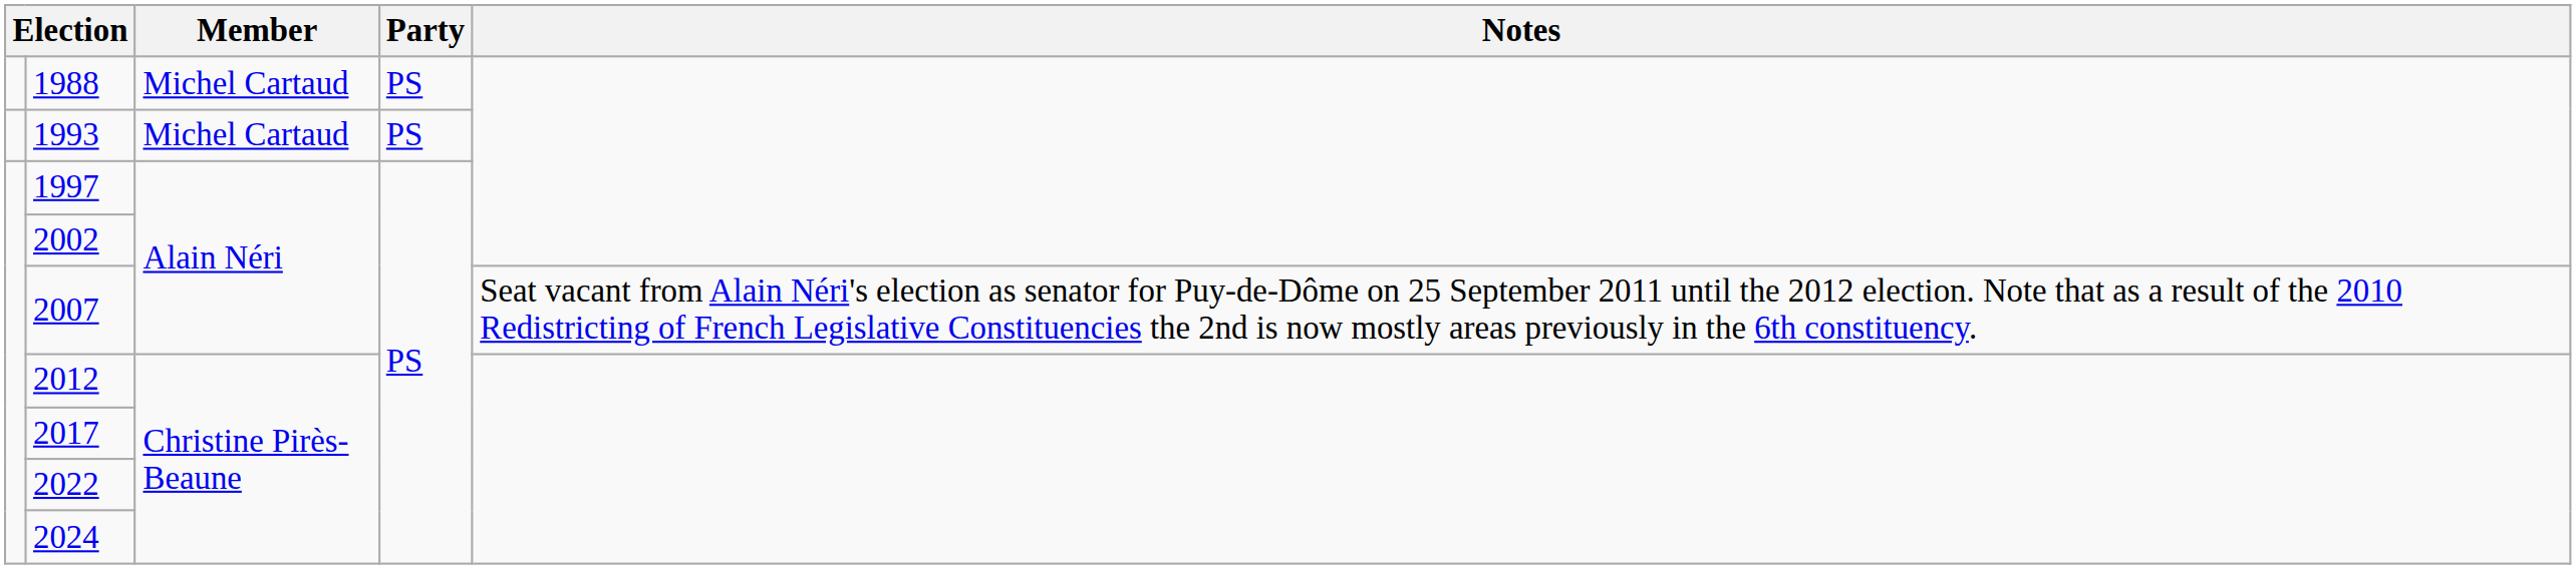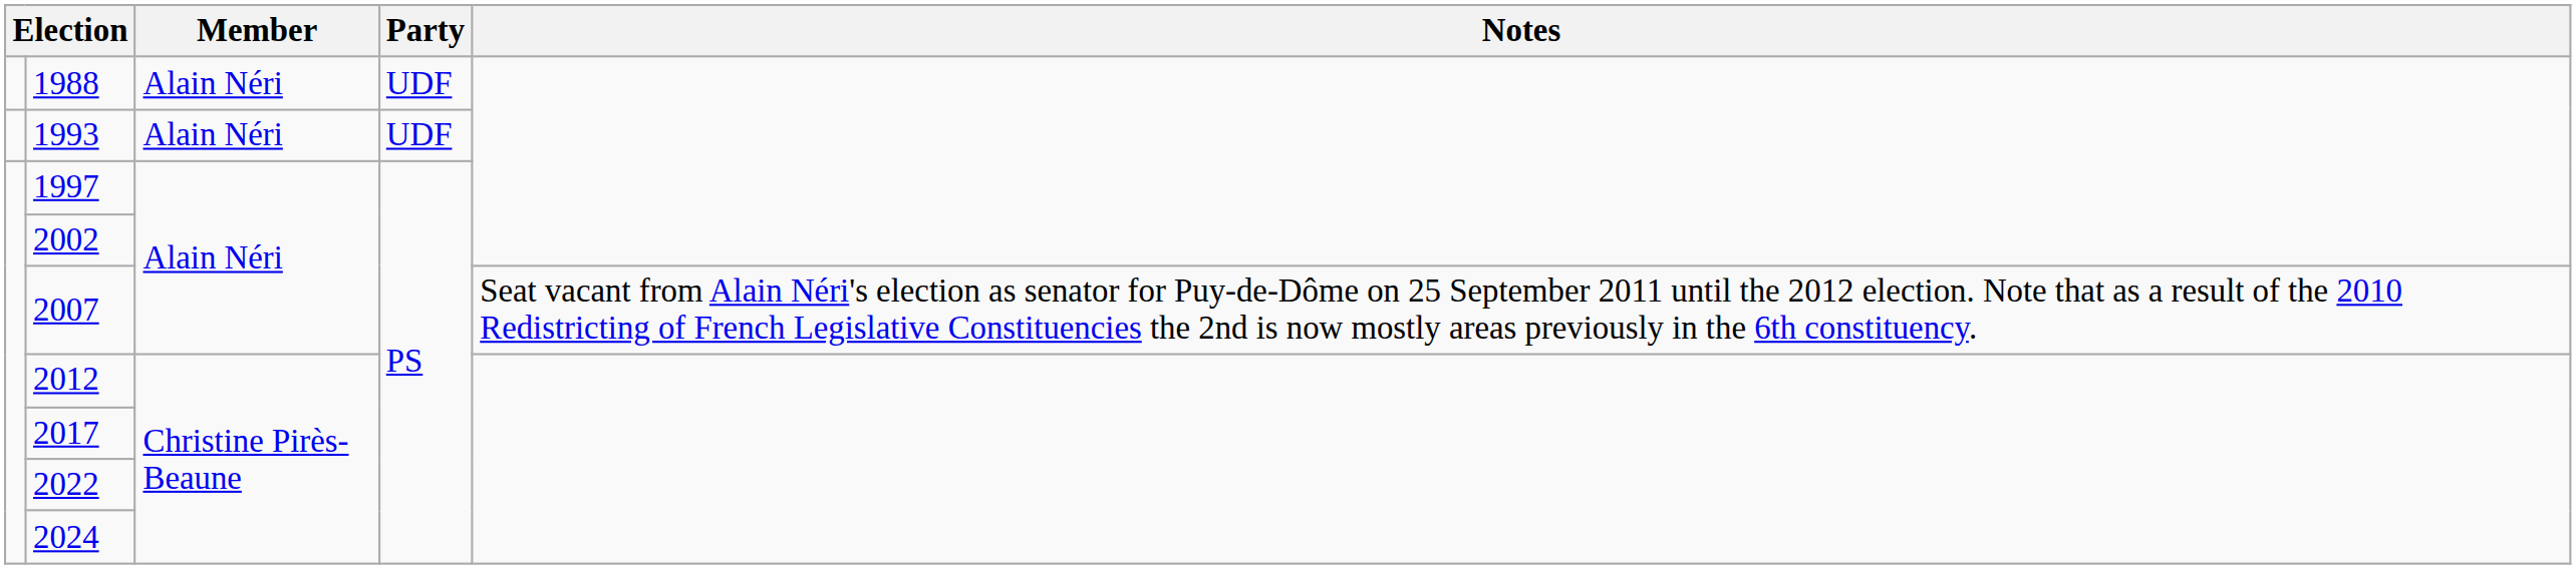 <table class="wikitable">
 <tr>
 <th colspan=2>Election</th>
 <th>Member</th>
 <th>Party</th>
 <th>Notes</th>
 </tr>
 <tr>
 <td style="background-color: "></td>
 <td><a href='#'>1988</a></td>
-<td><a href='#'>Michel Cartaud</a></td>
-<td><a href='#'>PS</a></td>
+<td><a href='#'>Alain Néri</a></td>
+<td><a href='#'>UDF</a></td>
 </tr>
 <tr>
 <td style="background-color: "></td>
 <td><a href='#'>1993</a></td>
-<td><a href='#'>Michel Cartaud</a></td>
-<td><a href='#'>PS</a></td>
+<td><a href='#'>Alain Néri</a></td>
+<td><a href='#'>UDF</a></td>
 </tr>
 <tr>
 <td rowspan="7" style="background-color: "></td>
 <td><a href='#'>1997</a></td>
 <td rowspan="3"><a href='#'>Alain Néri</a></td>
 <td rowspan="7"><a href='#'>PS</a></td>
 </tr>
 <tr>
 <td><a href='#'>2002</a></td>
 </tr>
 <tr>
 <td><a href='#'>2007</a></td>
 <td>Seat vacant from <a href='#'>Alain Néri</a>'s election as senator for Puy-de-Dôme on 25 September 2011 until the 2012 election.  Note that as a result of the <a href='#'>2010 Redistricting of French Legislative Constituencies</a> the 2nd is now mostly areas previously in the <a href='#'>6th constituency</a>.</td>
 </tr>
 <tr>
 <td><a href='#'>2012</a></td>
 <td rowspan="4"><a href='#'>Christine Pirès-Beaune</a></td>
 </tr>
 <tr>
 <td><a href='#'>2017</a></td>
 </tr>
 <tr>
 <td><a href='#'>2022</a></td>
 </tr>
 <tr>
 <td><a href='#'>2024</a></td>
 </tr>
 </table>
